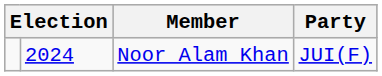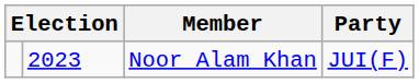 <table class="wikitable">
 <tr>
 <th colspan="2">Election</th>
 <th>Member</th>
 <th>Party</th>
 </tr>
 <tr>
 <td style="background-color: "></td>
-<td><a href='#'>2024</a></td>
+<td><a href='#'>2023</a></td>
 <td><a href='#'>Noor Alam Khan</a></td>
 <td><a href='#'>JUI(F)</a></td>
 </tr>
 </table>
